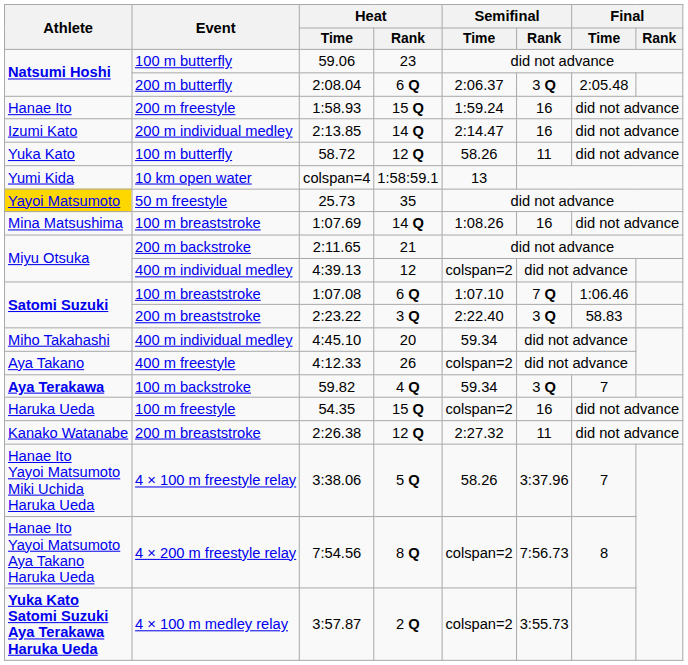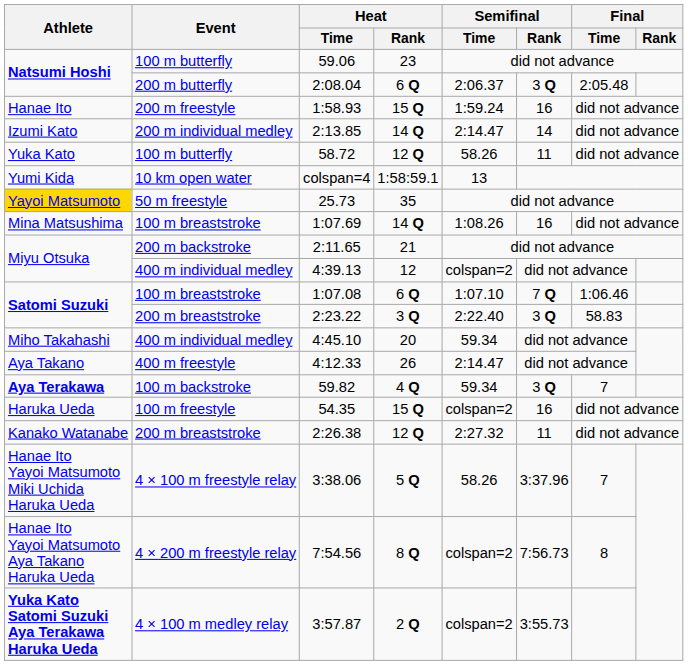 <table class=wikitable style="font-size:90%">
 <tr>
 <th rowspan="2">Athlete</th>
 <th rowspan="2">Event</th>
 <th colspan="2">Heat</th>
 <th colspan="2">Semifinal</th>
 <th colspan="2">Final</th>
 </tr>
 <tr style="font-size:95%">
 <th>Time</th>
 <th>Rank</th>
 <th>Time</th>
 <th>Rank</th>
 <th>Time</th>
 <th>Rank</th>
 </tr>
 <tr align=center>
 <td align=left rowspan=2><strong><a href='#'>Natsumi Hoshi</a></strong></td>
 <td align=left><a href='#'>100 m butterfly</a></td>
 <td>59.06</td>
 <td>23</td>
 <td colspan=4>did not advance</td>
 </tr>
 <tr align=center>
 <td align=left><a href='#'>200 m butterfly</a></td>
 <td>2:08.04</td>
 <td>6 <strong>Q</strong></td>
 <td>2:06.37</td>
 <td>3 <strong>Q</strong></td>
 <td>2:05.48</td>
 <td></td>
 </tr>
 <tr align=center>
 <td align=left><a href='#'>Hanae Ito</a></td>
 <td align=left><a href='#'>200 m freestyle</a></td>
 <td>1:58.93</td>
 <td>15 <strong>Q</strong></td>
 <td>1:59.24</td>
 <td>16</td>
 <td colspan=2>did not advance</td>
 </tr>
 <tr align=center>
 <td align=left><a href='#'>Izumi Kato</a></td>
 <td align=left><a href='#'>200 m individual medley</a></td>
 <td>2:13.85</td>
 <td>14 <strong>Q</strong></td>
 <td>2:14.47</td>
-<td>16</td>
+<td>14</td>
 <td colspan=2>did not advance</td>
 </tr>
 <tr align=center>
 <td align=left><a href='#'>Yuka Kato</a></td>
 <td align=left><a href='#'>100 m butterfly</a></td>
 <td>58.72</td>
 <td>12 <strong>Q</strong></td>
 <td>58.26</td>
 <td>11</td>
 <td colspan=2>did not advance</td>
 </tr>
 <tr align=center>
 <td align=left><a href='#'>Yumi Kida</a></td>
 <td align=left><a href='#'>10 km open water</a></td>
 <td>colspan=4 </td>
 <td>1:58:59.1</td>
 <td>13</td>
 </tr>
 <tr align=center>
 <td align=left style="background: gold;"><a href='#'>Yayoi Matsumoto</a></td>
 <td align=left><a href='#'>50 m freestyle</a></td>
 <td>25.73</td>
 <td>35</td>
 <td colspan=4>did not advance</td>
 </tr>
 <tr align=center>
 <td align=left><a href='#'>Mina Matsushima</a></td>
 <td align=left><a href='#'>100 m breaststroke</a></td>
 <td>1:07.69</td>
 <td>14 <strong>Q</strong></td>
 <td>1:08.26</td>
 <td>16</td>
 <td colspan=2>did not advance</td>
 </tr>
 <tr align=center>
 <td align=left rowspan=2><a href='#'>Miyu Otsuka</a></td>
 <td align=left><a href='#'>200 m backstroke</a></td>
 <td>2:11.65</td>
 <td>21</td>
 <td colspan=4>did not advance</td>
 </tr>
 <tr align=center>
 <td align=left><a href='#'>400 m individual medley</a></td>
 <td>4:39.13</td>
 <td>12</td>
 <td>colspan=2 </td>
 <td colspan=2>did not advance</td>
 </tr>
 <tr align=center>
 <td align=left rowspan=2><strong><a href='#'>Satomi Suzuki</a></strong></td>
 <td align=left><a href='#'>100 m breaststroke</a></td>
 <td>1:07.08</td>
 <td>6 <strong>Q</strong></td>
 <td>1:07.10</td>
 <td>7 <strong>Q</strong></td>
 <td>1:06.46</td>
 <td></td>
 </tr>
 <tr align=center>
 <td align=left><a href='#'>200 m breaststroke</a></td>
 <td>2:23.22</td>
 <td>3 <strong>Q</strong></td>
 <td>2:22.40</td>
 <td>3 <strong>Q</strong></td>
 <td>58.83</td>
 <td></td>
 </tr>
 <tr align=center>
 <td align=left><a href='#'>Miho Takahashi</a></td>
 <td align=left><a href='#'>400 m individual medley</a></td>
 <td>4:45.10</td>
 <td>20</td>
 <td>59.34</td>
 <td colspan=2>did not advance</td>
 </tr>
 <tr align=center>
 <td align=left><a href='#'>Aya Takano</a></td>
 <td align=left><a href='#'>400 m freestyle</a></td>
 <td>4:12.33</td>
 <td>26</td>
-<td>colspan=2 </td>
+<td>2:14.47</td>
 <td colspan=2>did not advance</td>
 </tr>
 <tr align=center>
 <td align=left><strong><a href='#'>Aya Terakawa</a></strong></td>
 <td align=left><a href='#'>100 m backstroke</a></td>
 <td>59.82</td>
 <td>4 <strong>Q</strong></td>
 <td>59.34</td>
 <td>3 <strong>Q</strong></td>
 <td>7</td>
 <td></td>
 </tr>
 <tr align=center>
 <td align=left><a href='#'>Haruka Ueda</a></td>
 <td align=left><a href='#'>100 m freestyle</a></td>
 <td>54.35</td>
 <td>15 <strong>Q</strong></td>
 <td>colspan=2 </td>
 <td>16</td>
 <td colspan=2>did not advance</td>
 </tr>
 <tr align=center>
 <td align=left><a href='#'>Kanako Watanabe</a></td>
 <td align=left><a href='#'>200 m breaststroke</a></td>
 <td>2:26.38</td>
 <td>12 <strong>Q</strong></td>
 <td>2:27.32</td>
 <td>11</td>
 <td colspan=2>did not advance</td>
 </tr>
 <tr align=center>
 <td align=left><a href='#'>Hanae Ito</a><br><a href='#'>Yayoi Matsumoto</a><br><a href='#'>Miki Uchida</a><br><a href='#'>Haruka Ueda</a></td>
 <td align=left><a href='#'>4 × 100 m freestyle relay</a></td>
 <td>3:38.06</td>
 <td>5 <strong>Q</strong></td>
 <td>58.26</td>
 <td>3:37.96</td>
 <td>7</td>
 </tr>
 <tr align=center>
 <td align=left><a href='#'>Hanae Ito</a><br><a href='#'>Yayoi Matsumoto</a><br><a href='#'>Aya Takano</a><br><a href='#'>Haruka Ueda</a></td>
 <td align=left><a href='#'>4 × 200 m freestyle relay</a></td>
 <td>7:54.56</td>
 <td>8 <strong>Q</strong></td>
 <td>colspan=2 </td>
 <td>7:56.73</td>
 <td>8</td>
 </tr>
 <tr align=center>
 <td align=left><strong><a href='#'>Yuka Kato</a><br><a href='#'>Satomi Suzuki</a><br><a href='#'>Aya Terakawa</a><br><a href='#'>Haruka Ueda</a></strong></td>
 <td align=left><a href='#'>4 × 100 m medley relay</a></td>
 <td>3:57.87</td>
 <td>2 <strong>Q</strong></td>
 <td>colspan=2 </td>
 <td>3:55.73</td>
 <td></td>
 </tr>
 </table>
